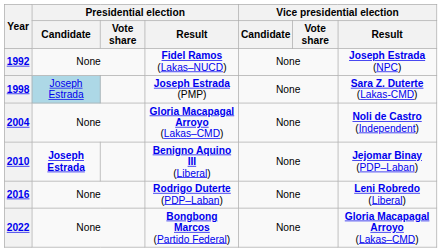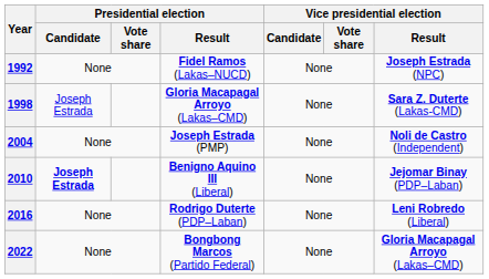 <table class="wikitable" style="text-align:center; font-size:90%">
 <tr>
 <th rowspan=2>Year</th>
 <th colspan=3>Presidential election</th>
 <th colspan=3>Vice presidential election</th>
 </tr>
 <tr>
 <th>Candidate</th>
 <th>Vote share</th>
 <th>Result</th>
 <th>Candidate</th>
 <th>Vote share</th>
 <th>Result</th>
 </tr>
 <tr>
 <th><a href='#'>1992</a></th>
 <td colspan=2>None</td>
 <td><strong><a href='#'>Fidel Ramos</a></strong><br>(<a href='#'>Lakas–NUCD</a>)</td>
 <td colspan=2>None</td>
 <td><strong><a href='#'>Joseph Estrada</a></strong><br>(<a href='#'>NPC</a>)</td>
 </tr>
 <tr>
 <th><a href='#'>1998</a></th>
-<td style="background: lightblue;"><a href='#'>Joseph Estrada</a></td>
+<td><a href='#'>Joseph Estrada</a></td>
 <td></td>
-<td style="background:"><strong><a href='#'>Joseph Estrada</a></strong><br>(PMP)</td>
+<td><strong><a href='#'>Gloria Macapagal Arroyo</a></strong><br>(<a href='#'>Lakas–CMD</a>)</td>
 <td colspan=2>None</td>
 <td><strong><a href='#'>Sara Z. Duterte</a></strong><br>(<a href='#'>Lakas-CMD</a>)</td>
 </tr>
 <tr>
 <th><a href='#'>2004</a></th>
 <td colspan=2>None</td>
-<td><strong><a href='#'>Gloria Macapagal Arroyo</a></strong><br>(<a href='#'>Lakas–CMD</a>)</td>
+<td style="background:"><strong><a href='#'>Joseph Estrada</a></strong><br>(PMP)</td>
 <td colspan=2>None</td>
 <td><strong><a href='#'>Noli de Castro</a></strong><br>(<a href='#'>Independent</a>)</td>
 </tr>
 <tr>
 <th><a href='#'>2010</a></th>
 <td><strong><a href='#'>Joseph Estrada</a></strong></td>
 <td></td>
 <td><strong><a href='#'>Benigno Aquino III</a></strong><br>(<a href='#'>Liberal</a>)</td>
 <td colspan=2>None</td>
 <td><strong><a href='#'>Jejomar Binay</a></strong><br>(<a href='#'>PDP–Laban</a>)</td>
 </tr>
 <tr>
 <th><a href='#'>2016</a></th>
 <td colspan=2>None</td>
 <td><strong><a href='#'>Rodrigo Duterte</a></strong><br>(<a href='#'>PDP–Laban</a>)</td>
 <td colspan=2>None</td>
 <td><strong><a href='#'>Leni Robredo</a></strong><br>(<a href='#'>Liberal</a>)</td>
 </tr>
 <tr>
 <th><a href='#'>2022</a></th>
 <td colspan=2>None</td>
 <td><strong><a href='#'>Bongbong Marcos</a></strong><br>(<a href='#'>Partido Federal</a>)</td>
 <td colspan=2>None</td>
 <td><strong><a href='#'>Gloria Macapagal Arroyo</a></strong><br>(<a href='#'>Lakas–CMD</a>)</td>
 </tr>
 </table>
